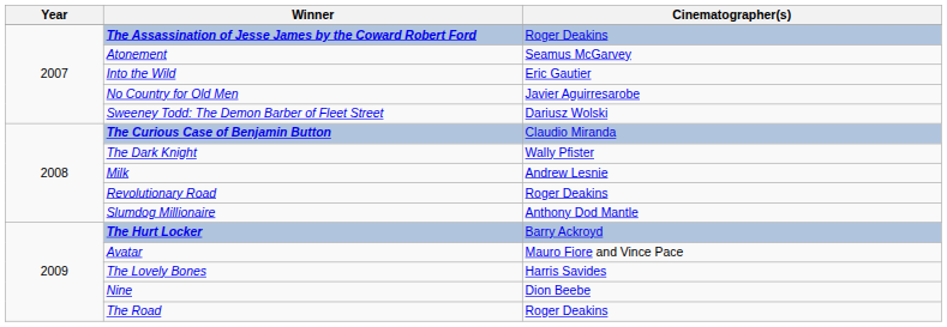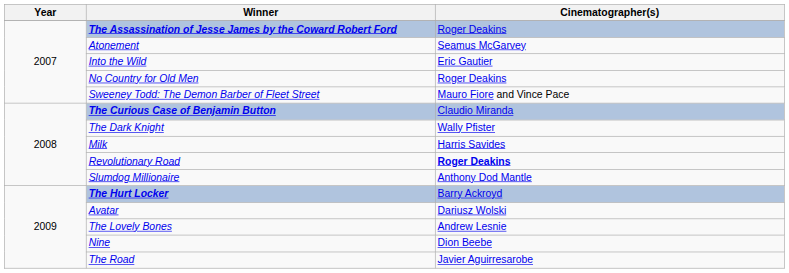 <table class="wikitable" width="95%" cellpadding="5">
 <tr>
 <th width="100"><strong>Year</strong></th>
 <th width="450"><strong>Winner</strong></th>
 <th width="450"><strong>Cinematographer(s)</strong></th>
 </tr>
 <tr>
 </tr>
 <tr>
 <td rowspan="5" style="text-align:center;">2007</td>
 <td style="background:#B0C4DE;"><strong><em><a href='#'>The Assassination of Jesse James by the Coward Robert Ford</a></em></strong></td>
 <td style="background:#B0C4DE;"><a href='#'>Roger Deakins</a></td>
 </tr>
 <tr>
 <td><em><a href='#'>Atonement</a></em></td>
 <td><a href='#'>Seamus McGarvey</a></td>
 </tr>
 <tr>
 <td><em><a href='#'>Into the Wild</a></em></td>
 <td><a href='#'>Eric Gautier</a></td>
 </tr>
 <tr>
 <td><em><a href='#'>No Country for Old Men</a></em></td>
-<td><a href='#'>Javier Aguirresarobe</a></td>
+<td><a href='#'>Roger Deakins</a></td>
 </tr>
 <tr>
 <td><em><a href='#'>Sweeney Todd: The Demon Barber of Fleet Street</a></em></td>
-<td><a href='#'>Dariusz Wolski</a></td>
+<td><a href='#'>Mauro Fiore</a> and Vince Pace</td>
 </tr>
 <tr>
 <td rowspan="5" style="text-align:center;">2008</td>
 <td style="background:#B0C4DE;"><strong><em><a href='#'>The Curious Case of Benjamin Button</a></em></strong></td>
 <td style="background:#B0C4DE;"><a href='#'>Claudio Miranda</a></td>
 </tr>
 <tr>
 <td><em><a href='#'>The Dark Knight</a></em></td>
 <td><a href='#'>Wally Pfister</a></td>
 </tr>
 <tr>
 <td><em><a href='#'>Milk</a></em></td>
-<td><a href='#'>Andrew Lesnie</a></td>
+<td><a href='#'>Harris Savides</a></td>
 </tr>
 <tr>
 <td><em><a href='#'>Revolutionary Road</a></em></td>
-<td><a href='#'>Roger Deakins</a></td>
+<td><strong><a href='#'>Roger Deakins</a></strong></td>
 </tr>
 <tr>
 <td><em><a href='#'>Slumdog Millionaire</a></em></td>
 <td><a href='#'>Anthony Dod Mantle</a></td>
 </tr>
 <tr>
 <td rowspan="5" style="text-align:center;">2009</td>
 <td style="background:#B0C4DE;"><strong><em><a href='#'>The Hurt Locker</a></em></strong></td>
 <td style="background:#B0C4DE;"><a href='#'>Barry Ackroyd</a></td>
 </tr>
 <tr>
 <td><em><a href='#'>Avatar</a></em></td>
-<td><a href='#'>Mauro Fiore</a> and Vince Pace</td>
+<td><a href='#'>Dariusz Wolski</a></td>
 </tr>
 <tr>
 <td><em><a href='#'>The Lovely Bones</a></em></td>
-<td><a href='#'>Harris Savides</a></td>
+<td><a href='#'>Andrew Lesnie</a></td>
 </tr>
 <tr>
 <td><em><a href='#'>Nine</a></em></td>
 <td><a href='#'>Dion Beebe</a></td>
 </tr>
 <tr>
 <td><em><a href='#'>The Road</a></em></td>
-<td><a href='#'>Roger Deakins</a></td>
+<td><a href='#'>Javier Aguirresarobe</a></td>
 </tr>
 </table>
